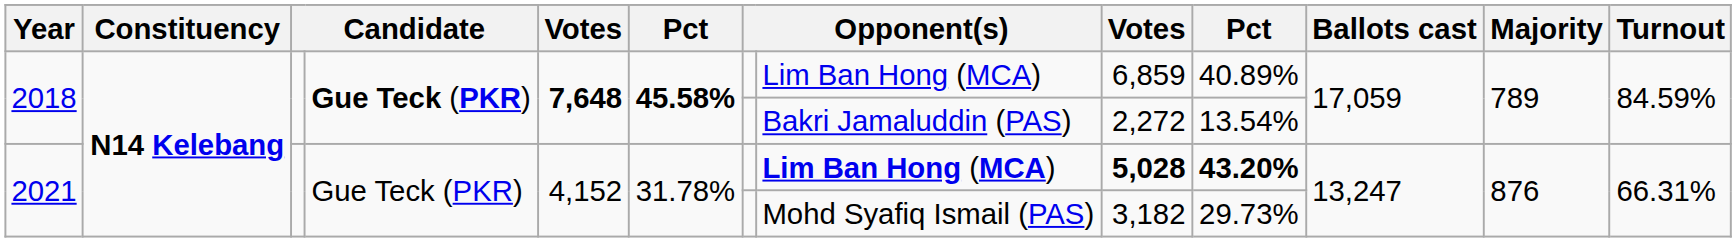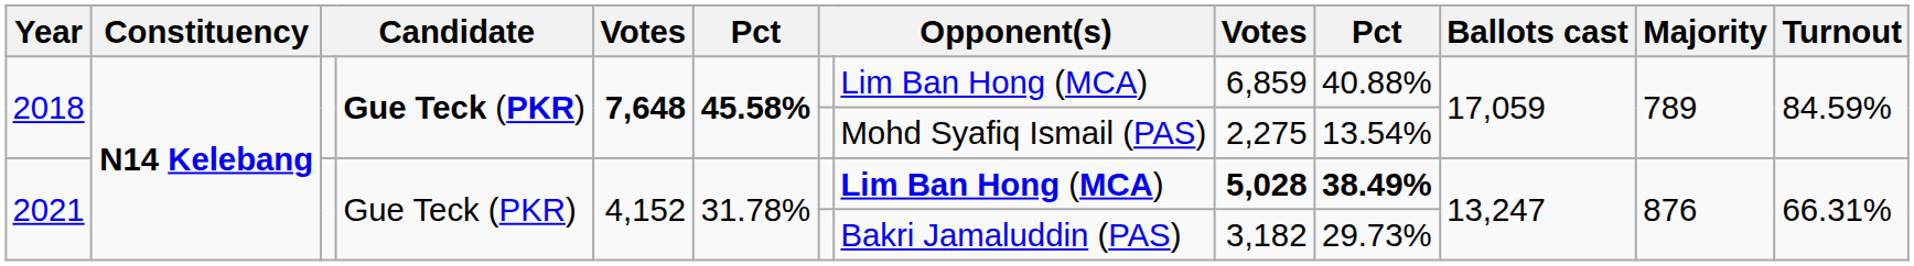 <table class="wikitable" style="margin:0.5em ; font-size:95%">
 <tr>
 <th>Year</th>
 <th>Constituency</th>
 <th colspan=2>Candidate</th>
 <th>Votes</th>
 <th>Pct</th>
 <th colspan=2>Opponent(s)</th>
 <th>Votes</th>
 <th>Pct</th>
 <th>Ballots cast</th>
 <th>Majority</th>
 <th>Turnout</th>
 </tr>
 <tr>
 <td rowspan=2><a href='#'>2018</a></td>
 <td rowspan=4><strong>N14 <a href='#'>Kelebang</a></strong></td>
 <td rowspan=2 ></td>
 <td rowspan=2><strong>Gue Teck</strong> (<a href='#'><strong>PKR</strong></a>)</td>
 <td rowspan=2 align=right><strong>7,648</strong></td>
 <td rowspan=2><strong>45.58%</strong></td>
 <td></td>
 <td><a href='#'>Lim Ban Hong</a> (<a href='#'>MCA</a>)</td>
 <td align=right>6,859</td>
-<td>40.89%</td>
+<td>40.88%</td>
 <td rowspan=2>17,059</td>
 <td rowspan=2>789</td>
 <td rowspan=2>84.59%</td>
 </tr>
 <tr>
 <td></td>
-<td><a href='#'>Bakri Jamaluddin</a> (<a href='#'>PAS</a>)</td>
-<td align=right>2,272</td>
+<td>Mohd Syafiq Ismail (<a href='#'>PAS</a>)</td>
+<td align=right>2,275</td>
 <td>13.54%</td>
 </tr>
 <tr>
 <td rowspan=2><a href='#'>2021</a></td>
 <td rowspan=2 ></td>
 <td rowspan=2>Gue Teck (<a href='#'>PKR</a>)</td>
 <td rowspan=2 align=right>4,152</td>
 <td rowspan=2>31.78%</td>
 <td></td>
 <td><strong><a href='#'>Lim Ban Hong</a></strong> (<a href='#'><strong>MCA</strong></a>)</td>
 <td align=right><strong>5,028</strong></td>
-<td><strong>43.20%</strong></td>
+<td><strong>38.49%</strong></td>
 <td rowspan=2>13,247</td>
 <td rowspan=2>876</td>
 <td rowspan=2>66.31%</td>
 </tr>
 <tr>
 <td bgcolor=></td>
-<td>Mohd Syafiq Ismail (<a href='#'>PAS</a>)</td>
+<td><a href='#'>Bakri Jamaluddin</a> (<a href='#'>PAS</a>)</td>
 <td align=right>3,182</td>
 <td>29.73%</td>
 </tr>
 </table>
